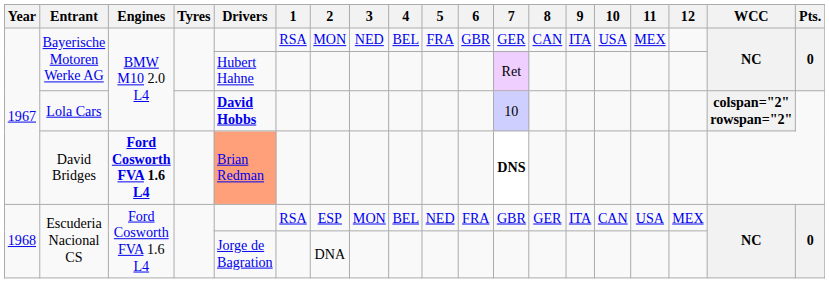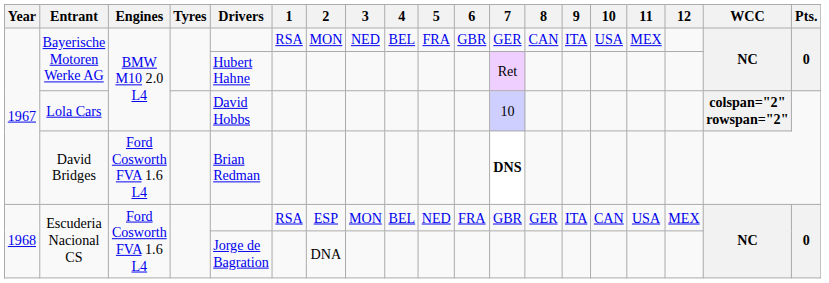 <table class="wikitable" style="font-size:90%; text-align:center">
 <tr>
 <th>Year</th>
 <th>Entrant</th>
 <th>Engines</th>
 <th>Tyres</th>
 <th>Drivers</th>
 <th>1</th>
 <th>2</th>
 <th>3</th>
 <th>4</th>
 <th>5</th>
 <th>6</th>
 <th>7</th>
 <th>8</th>
 <th>9</th>
 <th>10</th>
 <th>11</th>
 <th>12</th>
 <th>WCC</th>
 <th>Pts.</th>
 </tr>
 <tr>
 <td rowspan="4"><a href='#'>1967</a></td>
 <td rowspan="2"><a href='#'>Bayerische Motoren Werke AG</a></td>
 <td rowspan="3"><a href='#'>BMW M10</a> 2.0 <a href='#'>L4</a></td>
 <td rowspan="2"></td>
 <td></td>
 <td><a href='#'>RSA</a></td>
 <td><a href='#'>MON</a></td>
 <td><a href='#'>NED</a></td>
 <td><a href='#'>BEL</a></td>
 <td><a href='#'>FRA</a></td>
 <td><a href='#'>GBR</a></td>
 <td><a href='#'>GER</a></td>
 <td><a href='#'>CAN</a></td>
 <td><a href='#'>ITA</a></td>
 <td><a href='#'>USA</a></td>
 <td><a href='#'>MEX</a></td>
 <td></td>
 <th rowspan="2">NC</th>
 <th rowspan="2">0</th>
 </tr>
 <tr>
 <td style="text-align:left"> <a href='#'>Hubert Hahne</a></td>
 <td></td>
 <td></td>
 <td></td>
 <td></td>
 <td></td>
 <td></td>
 <td style="background:#efcfff;">Ret</td>
 <td></td>
 <td></td>
 <td></td>
 <td></td>
 <td></td>
 </tr>
 <tr>
 <td><a href='#'>Lola Cars</a></td>
 <td></td>
-<td style="text-align:left"><strong> <a href='#'>David Hobbs</a></strong></td>
+<td style="text-align:left"> <a href='#'>David Hobbs</a></td>
 <td></td>
 <td></td>
 <td></td>
 <td></td>
 <td></td>
 <td></td>
 <td style="background:#cfcfff;">10</td>
 <td></td>
 <td></td>
 <td></td>
 <td></td>
 <td></td>
 <th>colspan="2" rowspan="2" </th>
 </tr>
 <tr>
 <td>David Bridges</td>
-<td><strong><a href='#'>Ford</a> <a href='#'>Cosworth FVA</a> 1.6 <a href='#'>L4</a></strong></td>
+<td><a href='#'>Ford</a> <a href='#'>Cosworth FVA</a> 1.6 <a href='#'>L4</a></td>
 <td></td>
-<td style="background: lightsalmon; text-align:left"> <a href='#'>Brian Redman</a></td>
+<td style="text-align:left"> <a href='#'>Brian Redman</a></td>
 <td></td>
 <td></td>
 <td></td>
 <td></td>
 <td></td>
 <td></td>
 <td style="background:#ffffff;"><strong>DNS</strong></td>
 <td></td>
 <td></td>
 <td></td>
 <td></td>
 <td></td>
 </tr>
 <tr>
 <td rowspan="2"><a href='#'>1968</a></td>
 <td rowspan="2">Escuderia Nacional CS</td>
 <td rowspan="2"><a href='#'>Ford</a> <a href='#'>Cosworth FVA</a> 1.6 <a href='#'>L4</a></td>
 <td rowspan="2"></td>
 <td></td>
 <td><a href='#'>RSA</a></td>
 <td><a href='#'>ESP</a></td>
 <td><a href='#'>MON</a></td>
 <td><a href='#'>BEL</a></td>
 <td><a href='#'>NED</a></td>
 <td><a href='#'>FRA</a></td>
 <td><a href='#'>GBR</a></td>
 <td><a href='#'>GER</a></td>
 <td><a href='#'>ITA</a></td>
 <td><a href='#'>CAN</a></td>
 <td><a href='#'>USA</a></td>
 <td><a href='#'>MEX</a></td>
 <th rowspan="2">NC</th>
 <th rowspan="2">0</th>
 </tr>
 <tr>
 <td style="text-align:left"> <a href='#'>Jorge de Bagration</a></td>
 <td></td>
 <td>DNA</td>
 <td></td>
 <td></td>
 <td></td>
 <td></td>
 <td></td>
 <td></td>
 <td></td>
 <td></td>
 <td></td>
 <td></td>
 </tr>
 </table>
